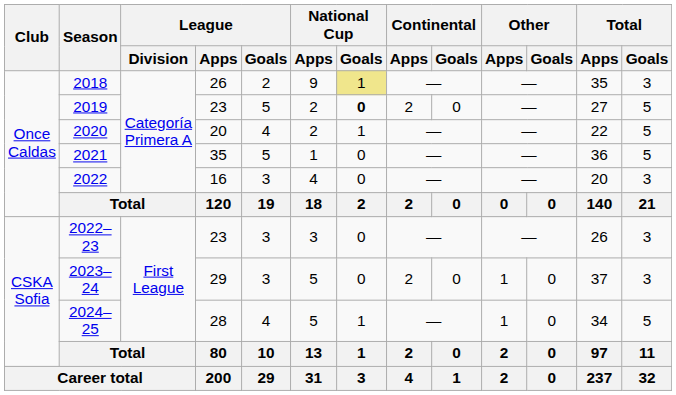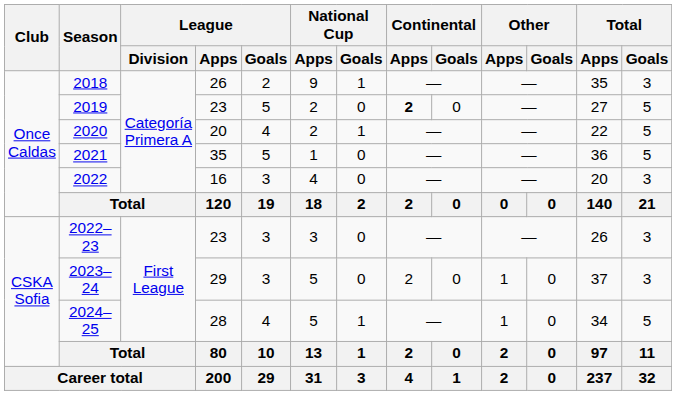 <table class="wikitable" style="text-align:center">
 <tr>
 <th rowspan="2">Club</th>
 <th rowspan="2">Season</th>
 <th colspan="3">League</th>
 <th colspan="2">National Cup</th>
 <th colspan="2">Continental</th>
 <th colspan="2">Other</th>
 <th colspan="2">Total</th>
 </tr>
 <tr>
 <th>Division</th>
 <th>Apps</th>
 <th>Goals</th>
 <th>Apps</th>
 <th>Goals</th>
 <th>Apps</th>
 <th>Goals</th>
 <th>Apps</th>
 <th>Goals</th>
 <th>Apps</th>
 <th>Goals</th>
 </tr>
 <tr>
 <td rowspan=6><a href='#'>Once Caldas</a></td>
 <td><a href='#'>2018</a></td>
 <td rowspan=5><a href='#'>Categoría Primera A</a></td>
 <td>26</td>
 <td>2</td>
 <td>9</td>
-<td style="background: khaki;">1</td>
+<td>1</td>
 <td colspan="2">—</td>
 <td colspan="2">—</td>
 <td>35</td>
 <td>3</td>
 </tr>
 <tr>
 <td><a href='#'>2019</a></td>
 <td>23</td>
 <td>5</td>
 <td>2</td>
-<td><strong>0</strong></td>
-<td>2</td>
+<td>0</td>
+<td><strong>2</strong></td>
 <td>0</td>
 <td colspan="2">—</td>
 <td>27</td>
 <td>5</td>
 </tr>
 <tr>
 <td><a href='#'>2020</a></td>
 <td>20</td>
 <td>4</td>
 <td>2</td>
 <td>1</td>
 <td colspan="2">—</td>
 <td colspan="2">—</td>
 <td>22</td>
 <td>5</td>
 </tr>
 <tr>
 <td><a href='#'>2021</a></td>
 <td>35</td>
 <td>5</td>
 <td>1</td>
 <td>0</td>
 <td colspan="2">—</td>
 <td colspan="2">—</td>
 <td>36</td>
 <td>5</td>
 </tr>
 <tr>
 <td><a href='#'>2022</a></td>
 <td>16</td>
 <td>3</td>
 <td>4</td>
 <td>0</td>
 <td colspan="2">—</td>
 <td colspan="2">—</td>
 <td>20</td>
 <td>3</td>
 </tr>
 <tr>
 <th colspan="2">Total</th>
 <th>120</th>
 <th>19</th>
 <th>18</th>
 <th>2</th>
 <th>2</th>
 <th>0</th>
 <th>0</th>
 <th>0</th>
 <th>140</th>
 <th>21</th>
 </tr>
 <tr>
 <td rowspan=4><a href='#'>CSKA Sofia</a></td>
 <td><a href='#'>2022–23</a></td>
 <td rowspan=3><a href='#'>First League</a></td>
 <td>23</td>
 <td>3</td>
 <td>3</td>
 <td>0</td>
 <td colspan="2">—</td>
 <td colspan="2">—</td>
 <td>26</td>
 <td>3</td>
 </tr>
 <tr>
 <td><a href='#'>2023–24</a></td>
 <td>29</td>
 <td>3</td>
 <td>5</td>
 <td>0</td>
 <td>2</td>
 <td>0</td>
 <td>1</td>
 <td>0</td>
 <td>37</td>
 <td>3</td>
 </tr>
 <tr>
 <td><a href='#'>2024–25</a></td>
 <td>28</td>
 <td>4</td>
 <td>5</td>
 <td>1</td>
 <td colspan="2">—</td>
 <td>1</td>
 <td>0</td>
 <td>34</td>
 <td>5</td>
 </tr>
 <tr>
 <th colspan="2">Total</th>
 <th>80</th>
 <th>10</th>
 <th>13</th>
 <th>1</th>
 <th>2</th>
 <th>0</th>
 <th>2</th>
 <th>0</th>
 <th>97</th>
 <th>11</th>
 </tr>
 <tr>
 <th colspan="3">Career total</th>
 <th>200</th>
 <th>29</th>
 <th>31</th>
 <th>3</th>
 <th>4</th>
 <th>1</th>
 <th>2</th>
 <th>0</th>
 <th>237</th>
 <th>32</th>
 </tr>
 </table>
